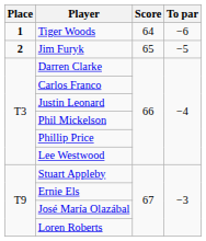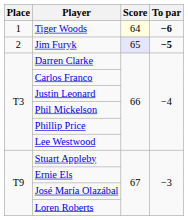 <table class="wikitable">
 <tr>
 <th>Place</th>
 <th>Player</th>
 <th>Score</th>
 <th>To par</th>
 </tr>
 <tr>
-<td align=center><strong>1</strong></td>
+<td align=center>1</td>
 <td> <a href='#'>Tiger Woods</a></td>
-<td align=center>64</td>
-<td align=center>−6</td>
+<td align=center style="background: lightyellow;">64</td>
+<td align=center><strong>−6</strong></td>
 </tr>
 <tr>
-<td align=center><strong>2</strong></td>
+<td align=center>2</td>
 <td> <a href='#'>Jim Furyk</a></td>
-<td align=center>65</td>
-<td align=center>−5</td>
+<td align=center style="background: lavender;">65</td>
+<td align=center><strong>−5</strong></td>
 </tr>
 <tr>
 <td rowspan="6" align=center>T3</td>
 <td> <a href='#'>Darren Clarke</a></td>
 <td rowspan="6" align=center>66</td>
 <td rowspan="6" align=center>−4</td>
 </tr>
 <tr>
 <td> <a href='#'>Carlos Franco</a></td>
 </tr>
 <tr>
 <td> <a href='#'>Justin Leonard</a></td>
 </tr>
 <tr>
 <td> <a href='#'>Phil Mickelson</a></td>
 </tr>
 <tr>
 <td> <a href='#'>Phillip Price</a></td>
 </tr>
 <tr>
 <td> <a href='#'>Lee Westwood</a></td>
 </tr>
 <tr>
 <td rowspan="4" align=center>T9</td>
 <td> <a href='#'>Stuart Appleby</a></td>
 <td rowspan="4" align=center>67</td>
 <td rowspan="4" align=center>−3</td>
 </tr>
 <tr>
 <td> <a href='#'>Ernie Els</a></td>
 </tr>
 <tr>
 <td> <a href='#'>José María Olazábal</a></td>
 </tr>
 <tr>
 <td> <a href='#'>Loren Roberts</a></td>
 </tr>
 </table>
